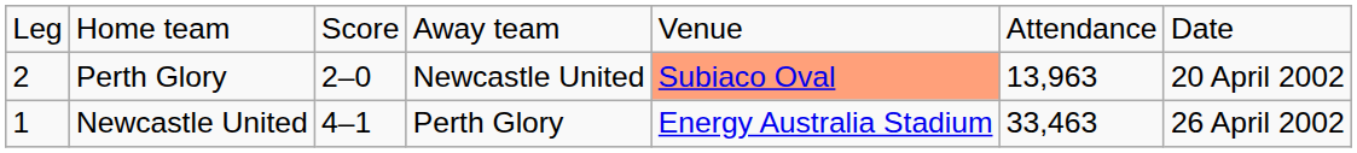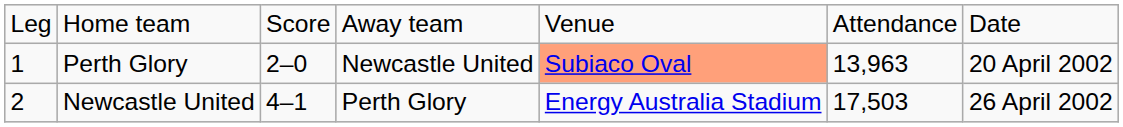 <table class="wikitable" style="text-align:left">
 <tr>
 <td>Leg</td>
 <td>Home team</td>
 <td>Score</td>
 <td>Away team</td>
 <td>Venue</td>
 <td>Attendance</td>
 <td>Date</td>
 </tr>
 <tr>
-<td>2</td>
+<td>1</td>
 <td>Perth Glory</td>
 <td>2–0</td>
 <td>Newcastle United</td>
 <td style="background: lightsalmon;"><a href='#'>Subiaco Oval</a></td>
 <td>13,963</td>
 <td>20 April 2002</td>
 </tr>
 <tr>
-<td>1</td>
+<td>2</td>
 <td>Newcastle United</td>
 <td>4–1</td>
 <td>Perth Glory</td>
 <td><a href='#'>Energy Australia Stadium</a></td>
-<td>33,463</td>
+<td>17,503</td>
 <td>26 April 2002</td>
 </tr>
 </table>
